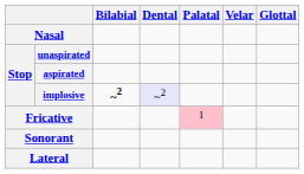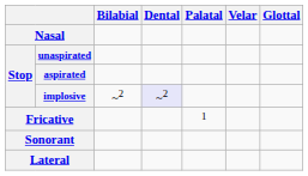 <table class="wikitable" style="text-align: center">
 <tr>
 <th colspan="2"></th>
 <th><a href='#'>Bilabial</a></th>
 <th><a href='#'>Dental</a></th>
 <th><a href='#'>Palatal</a></th>
 <th><a href='#'>Velar</a></th>
 <th><a href='#'>Glottal</a></th>
 </tr>
 <tr>
 <th colspan="2"><a href='#'>Nasal</a></th>
 <td></td>
 <td></td>
 <td></td>
 <td></td>
 <td></td>
 </tr>
 <tr>
 <th rowspan="3"><a href='#'>Stop</a></th>
 <th><a href='#'><small>unaspirated</small></a></th>
 <td></td>
 <td></td>
 <td></td>
 <td></td>
 <td></td>
 </tr>
 <tr>
 <th><a href='#'><small>aspirated</small></a></th>
 <td></td>
 <td></td>
 <td></td>
 <td></td>
 <td></td>
 </tr>
 <tr>
 <th><a href='#'><small>implosive</small></a></th>
-<td><strong>~<sup>2</sup></strong></td>
+<td>~<sup>2</sup></td>
 <td style="background: lavender;">~<sup>2</sup></td>
 <td></td>
 <td></td>
 <td></td>
 </tr>
 <tr>
 <th colspan="2"><a href='#'>Fricative</a></th>
 <td></td>
 <td></td>
-<td style="background: pink;"><sup>1</sup></td>
+<td><sup>1</sup></td>
 <td></td>
 <td></td>
 </tr>
 <tr>
 <th colspan="2"><a href='#'>Sonorant</a></th>
 <td></td>
 <td></td>
 <td></td>
 <td></td>
 <td></td>
 </tr>
 <tr>
 <th colspan="2"><a href='#'>Lateral</a></th>
 <td></td>
 <td></td>
 <td></td>
 <td></td>
 <td></td>
 </tr>
 </table>
